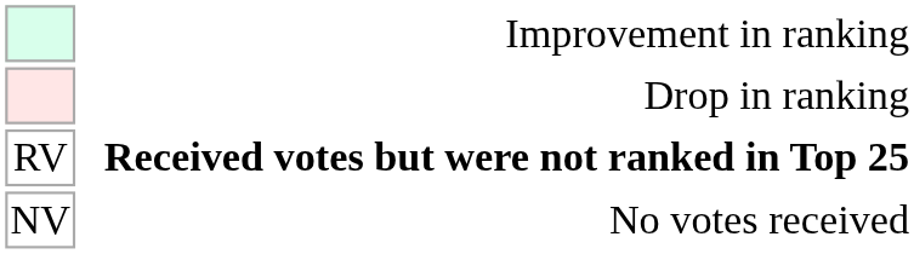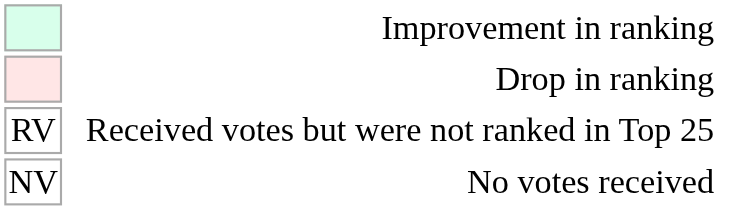 <table style="text-align:right" style="font-size:90%; border:1px solid #aaaaaa; white-space:nowrap; background:#eeeeee;">
 <tr>
 <td style="background:#d8ffeb; width:20px; border:1px solid #aaaaaa;"> </td>
 <td rowspan="5"> </td>
 <td>Improvement in ranking</td>
 </tr>
 <tr>
 <td style="background:#ffe6e6; width:20px; border:1px solid #aaaaaa;"> </td>
 <td>Drop in ranking</td>
 </tr>
 <tr>
 <td style="text-align:center; width:20px; border:1px solid #aaaaaa; background:white;">RV</td>
-<td><strong>Received votes but were not ranked in Top 25</strong></td>
+<td>Received votes but were not ranked in Top 25</td>
 </tr>
 <tr>
 <td style="text-align:center; width:20px; border:1px solid #aaaaaa; background:white;">NV</td>
 <td>No votes received</td>
 </tr>
 <tr>
 </tr>
 </table>
